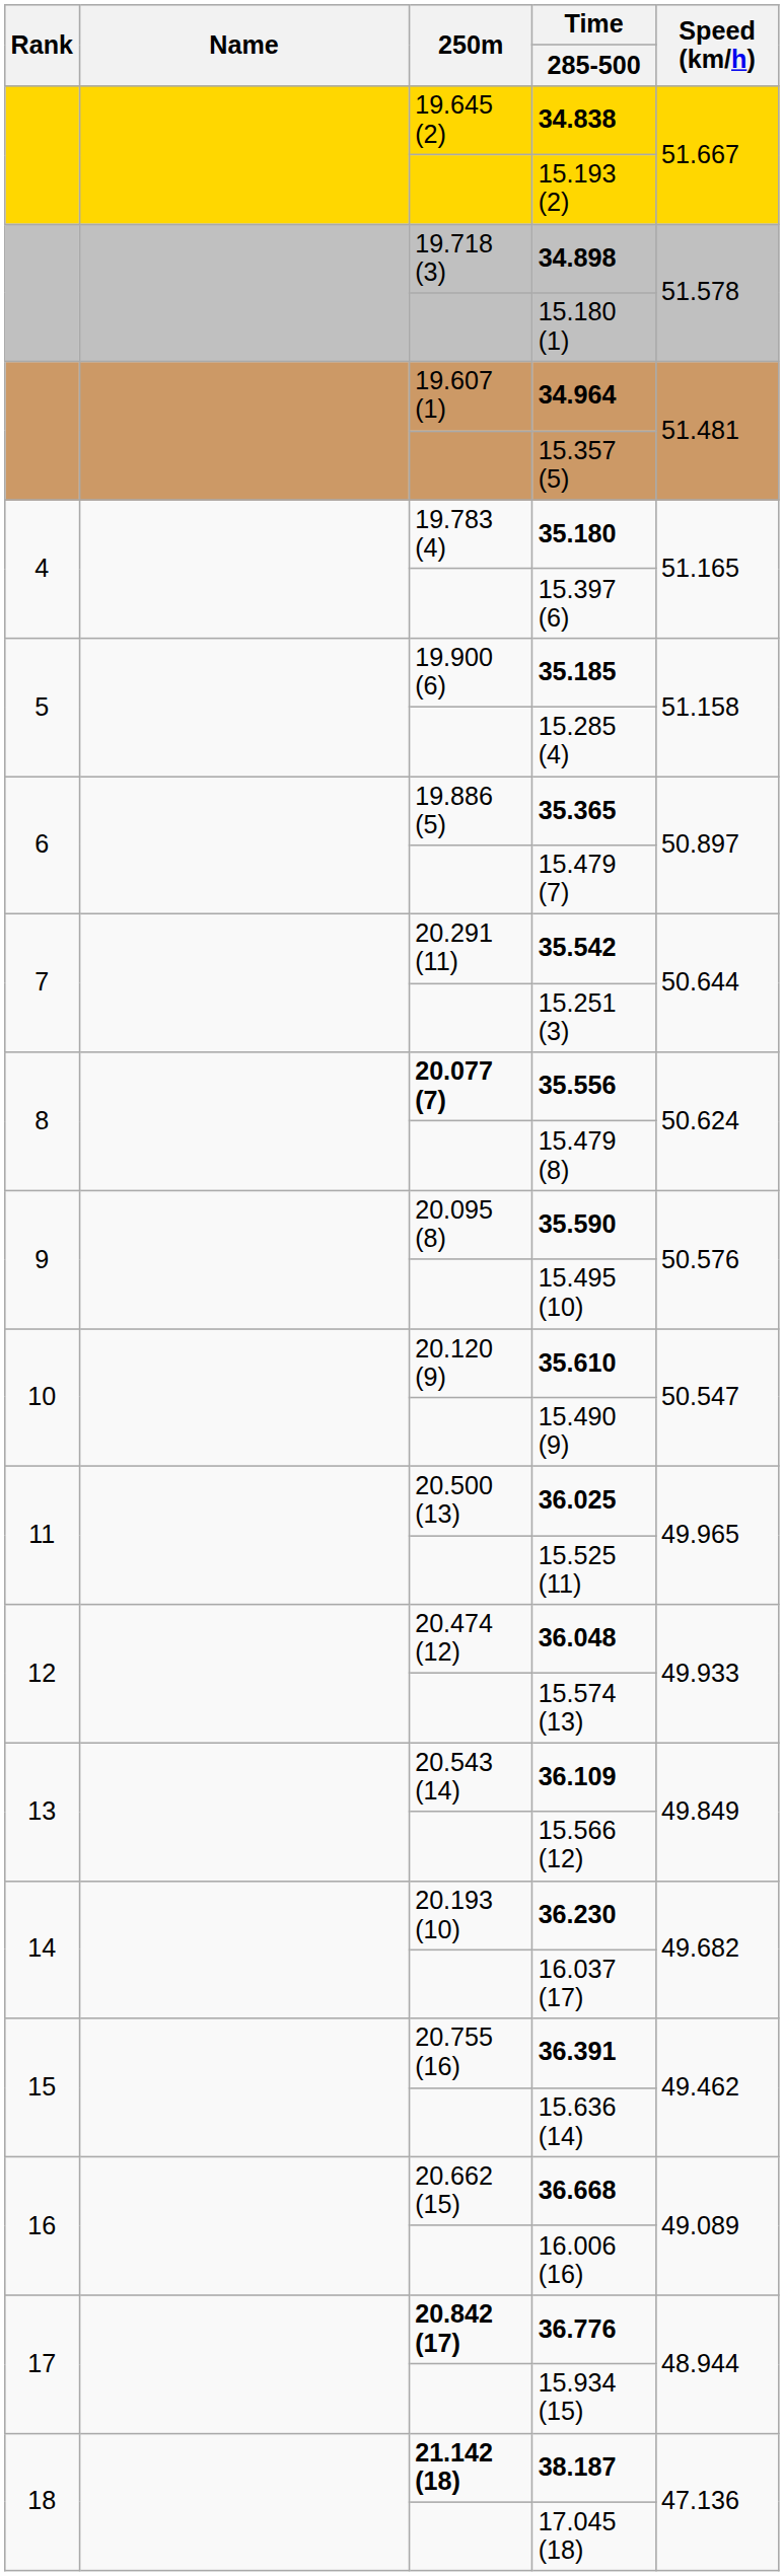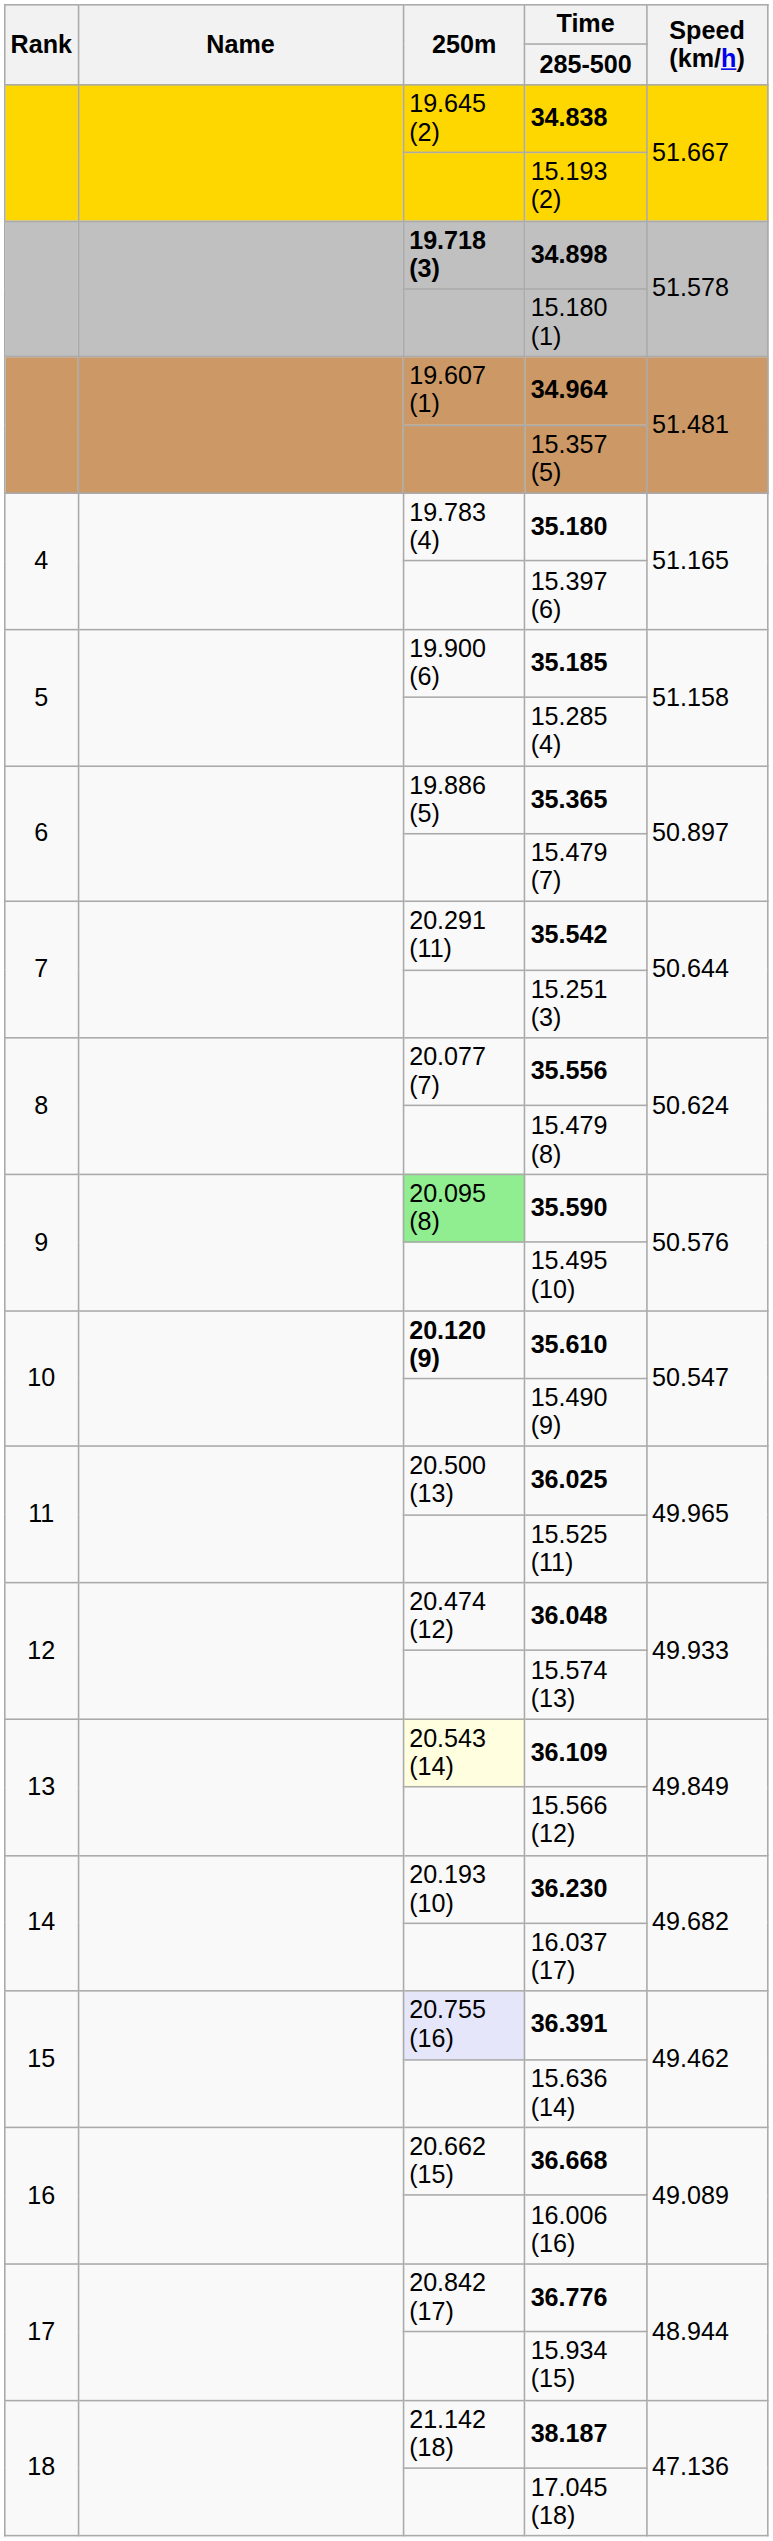 <table class="wikitable">
 <tr>
 <th rowspan=2 width=20>Rank</th>
 <th rowspan=2 width=200>Name</th>
 <th rowspan=2 width=70>250m</th>
 <th width=70>Time</th>
 <th rowspan=2 width=70>Speed<br>(km/<a href='#'>h</a>)</th>
 </tr>
 <tr>
 <th>285-500</th>
 </tr>
 <tr bgcolor=gold>
 <td align=center rowspan=2></td>
 <td rowspan=2></td>
 <td>19.645 (2)</td>
 <td><strong>34.838</strong></td>
 <td rowspan=2>51.667</td>
 </tr>
 <tr bgcolor=gold>
 <td></td>
 <td>15.193 (2)</td>
 </tr>
 <tr bgcolor=silver>
 <td align=center rowspan=2></td>
 <td rowspan=2></td>
-<td>19.718 (3)</td>
+<td><strong>19.718 (3)</strong></td>
 <td><strong>34.898</strong></td>
 <td rowspan=2>51.578</td>
 </tr>
 <tr bgcolor=silver>
 <td></td>
 <td>15.180 (1)</td>
 </tr>
 <tr bgcolor=cc9966>
 <td align=center rowspan=2></td>
 <td rowspan=2></td>
 <td>19.607 (1)</td>
 <td><strong>34.964</strong></td>
 <td rowspan=2>51.481</td>
 </tr>
 <tr bgcolor=cc9966>
 <td></td>
 <td>15.357 (5)</td>
 </tr>
 <tr>
 <td align=center rowspan=2>4</td>
 <td rowspan=2></td>
 <td>19.783 (4)</td>
 <td><strong>35.180</strong></td>
 <td rowspan=2>51.165</td>
 </tr>
 <tr>
 <td></td>
 <td>15.397 (6)</td>
 </tr>
 <tr>
 <td align=center rowspan=2>5</td>
 <td rowspan=2></td>
 <td>19.900 (6)</td>
 <td><strong>35.185</strong></td>
 <td rowspan=2>51.158</td>
 </tr>
 <tr>
 <td></td>
 <td>15.285 (4)</td>
 </tr>
 <tr>
 <td align=center rowspan=2>6</td>
 <td rowspan=2></td>
 <td>19.886 (5)</td>
 <td><strong>35.365</strong></td>
 <td rowspan=2>50.897</td>
 </tr>
 <tr>
 <td></td>
 <td>15.479 (7)</td>
 </tr>
 <tr>
 <td align=center rowspan=2>7</td>
 <td rowspan=2></td>
 <td>20.291 (11)</td>
 <td><strong>35.542</strong></td>
 <td rowspan=2>50.644</td>
 </tr>
 <tr>
 <td></td>
 <td>15.251 (3)</td>
 </tr>
 <tr>
 <td align=center rowspan=2>8</td>
 <td rowspan=2></td>
-<td><strong>20.077 (7)</strong></td>
+<td>20.077 (7)</td>
 <td><strong>35.556</strong></td>
 <td rowspan=2>50.624</td>
 </tr>
 <tr>
 <td></td>
 <td>15.479 (8)</td>
 </tr>
 <tr>
 <td align=center rowspan=2>9</td>
 <td rowspan=2></td>
-<td>20.095 (8)</td>
+<td style="background: lightgreen;">20.095 (8)</td>
 <td><strong>35.590</strong></td>
 <td rowspan=2>50.576</td>
 </tr>
 <tr>
 <td></td>
 <td>15.495 (10)</td>
 </tr>
 <tr>
 <td align=center rowspan=2>10</td>
 <td rowspan=2></td>
-<td>20.120 (9)</td>
+<td><strong>20.120 (9)</strong></td>
 <td><strong>35.610</strong></td>
 <td rowspan=2>50.547</td>
 </tr>
 <tr>
 <td></td>
 <td>15.490 (9)</td>
 </tr>
 <tr>
 <td align=center rowspan=2>11</td>
 <td rowspan=2></td>
 <td>20.500 (13)</td>
 <td><strong>36.025</strong></td>
 <td rowspan=2>49.965</td>
 </tr>
 <tr>
 <td></td>
 <td>15.525 (11)</td>
 </tr>
 <tr>
 <td align=center rowspan=2>12</td>
 <td rowspan=2></td>
 <td>20.474 (12)</td>
 <td><strong>36.048</strong></td>
 <td rowspan=2>49.933</td>
 </tr>
 <tr>
 <td></td>
 <td>15.574 (13)</td>
 </tr>
 <tr>
 <td align=center rowspan=2>13</td>
 <td rowspan=2></td>
-<td>20.543 (14)</td>
+<td style="background: lightyellow;">20.543 (14)</td>
 <td><strong>36.109</strong></td>
 <td rowspan=2>49.849</td>
 </tr>
 <tr>
 <td></td>
 <td>15.566 (12)</td>
 </tr>
 <tr>
 <td align=center rowspan=2>14</td>
 <td rowspan=2></td>
 <td>20.193 (10)</td>
 <td><strong>36.230</strong></td>
 <td rowspan=2>49.682</td>
 </tr>
 <tr>
 <td></td>
 <td>16.037 (17)</td>
 </tr>
 <tr>
 <td align=center rowspan=2>15</td>
 <td rowspan=2></td>
-<td>20.755 (16)</td>
+<td style="background: lavender;">20.755 (16)</td>
 <td><strong>36.391</strong></td>
 <td rowspan=2>49.462</td>
 </tr>
 <tr>
 <td></td>
 <td>15.636 (14)</td>
 </tr>
 <tr>
 <td align=center rowspan=2>16</td>
 <td rowspan=2></td>
 <td>20.662 (15)</td>
 <td><strong>36.668</strong></td>
 <td rowspan=2>49.089</td>
 </tr>
 <tr>
 <td></td>
 <td>16.006 (16)</td>
 </tr>
 <tr>
 <td align=center rowspan=2>17</td>
 <td rowspan=2></td>
-<td><strong>20.842 (17)</strong></td>
+<td>20.842 (17)</td>
 <td><strong>36.776 </strong></td>
 <td rowspan=2>48.944</td>
 </tr>
 <tr>
 <td></td>
 <td>15.934 (15)</td>
 </tr>
 <tr>
 <td align=center rowspan=2>18</td>
 <td rowspan=2></td>
-<td><strong>21.142 (18)</strong></td>
+<td>21.142 (18)</td>
 <td><strong>38.187</strong></td>
 <td rowspan=2>47.136</td>
 </tr>
 <tr>
 <td></td>
 <td>17.045 (18)</td>
 </tr>
 </table>
